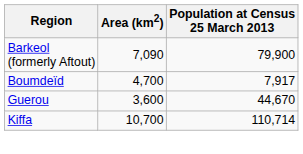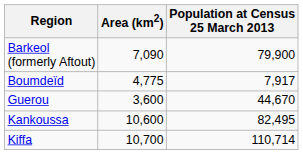 <table class="sortable wikitable" | style="clear:right; float:right;">
 <tr>
 <th>Region</th>
 <th>Area (km<sup>2</sup>)</th>
 <th>Population at Census <br> 25 March 2013</th>
 </tr>
 <tr>
 <td><a href='#'>Barkeol</a><br>(formerly Aftout)</td>
 <td align="right">7,090</td>
 <td align="right">79,900</td>
 </tr>
 <tr>
 <td><a href='#'>Boumdeïd</a></td>
-<td align="right">4,700</td>
+<td align="right">4,775</td>
 <td align="right">7,917</td>
 </tr>
 <tr>
 <td><a href='#'>Guerou</a></td>
 <td align="right">3,600</td>
 <td align="right">44,670</td>
 </tr>
 <tr>
+<td><a href='#'>Kankoussa</a></td>
+<td align="right">10,600</td>
+<td align="right">82,495</td>
+</tr>
+<tr>
 <td><a href='#'>Kiffa</a></td>
 <td align="right">10,700</td>
 <td align="right">110,714</td>
 </tr>
 </table>
